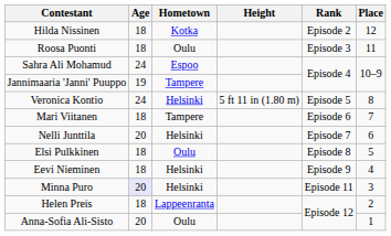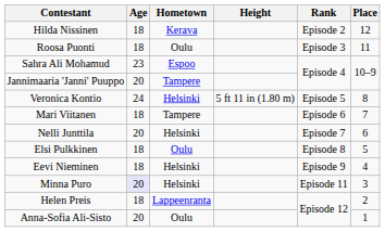 <table class="wikitable sortable" style="text-align:center;">
 <tr>
 <th>Contestant</th>
 <th>Age</th>
 <th>Hometown</th>
 <th>Height</th>
 <th>Rank</th>
 <th>Place</th>
 </tr>
 <tr>
 <td>Hilda Nissinen</td>
 <td>18</td>
-<td><a href='#'>Kotka</a></td>
+<td><a href='#'>Kerava</a></td>
 <td></td>
 <td>Episode 2</td>
 <td>12</td>
 </tr>
 <tr>
 <td>Roosa Puonti</td>
 <td>18</td>
 <td>Oulu</td>
 <td></td>
 <td>Episode 3</td>
 <td>11</td>
 </tr>
 <tr>
 <td>Sahra Ali Mohamud</td>
-<td>24</td>
+<td>23</td>
 <td><a href='#'>Espoo</a></td>
 <td></td>
 <td rowspan="2">Episode 4</td>
 <td rowspan="2">10–9</td>
 </tr>
 <tr>
 <td>Jannimaaria 'Janni' Puuppo</td>
-<td>19</td>
+<td>20</td>
 <td><a href='#'>Tampere</a></td>
 <td></td>
 </tr>
 <tr>
 <td>Veronica Kontio</td>
 <td>24</td>
 <td><a href='#'>Helsinki</a></td>
 <td>5 ft 11 in (1.80 m)</td>
 <td>Episode 5</td>
 <td>8</td>
 </tr>
 <tr>
 <td>Mari Viitanen</td>
 <td>18</td>
 <td>Tampere</td>
 <td></td>
 <td>Episode 6</td>
 <td>7</td>
 </tr>
 <tr>
 <td>Nelli Junttila</td>
 <td>20</td>
 <td>Helsinki</td>
 <td></td>
 <td>Episode 7</td>
 <td>6</td>
 </tr>
 <tr>
 <td>Elsi Pulkkinen</td>
 <td>18</td>
 <td><a href='#'>Oulu</a></td>
 <td></td>
 <td>Episode 8</td>
 <td>5</td>
 </tr>
 <tr>
 <td>Eevi Nieminen</td>
 <td>18</td>
 <td>Helsinki</td>
 <td></td>
 <td>Episode 9</td>
 <td>4</td>
 </tr>
 <tr>
 <td>Minna Puro</td>
 <td style="background: lavender;">20</td>
 <td>Helsinki</td>
 <td></td>
 <td>Episode 11</td>
 <td>3</td>
 </tr>
 <tr>
 <td>Helen Preis</td>
 <td>18</td>
 <td><a href='#'>Lappeenranta</a></td>
 <td></td>
 <td rowspan="2">Episode 12</td>
 <td>2</td>
 </tr>
 <tr>
 <td>Anna-Sofia Ali-Sisto</td>
 <td>20</td>
 <td>Oulu</td>
 <td></td>
 <td>1</td>
 </tr>
 </table>
